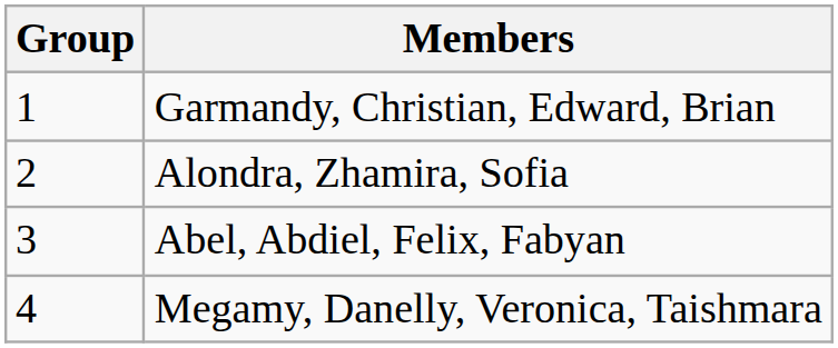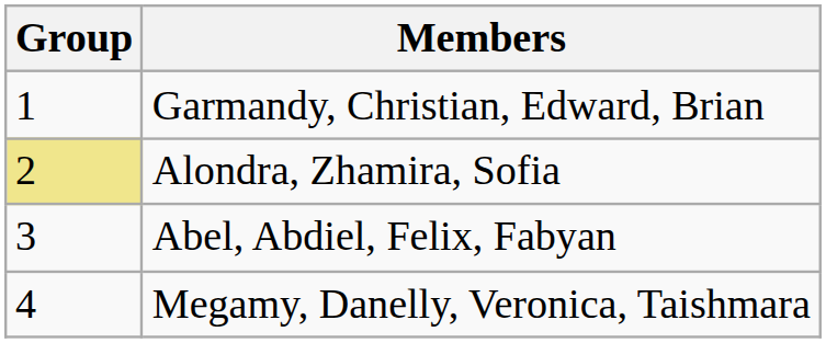 <table class="wikitable">
 <tr>
 <th>Group</th>
 <th>Members</th>
 </tr>
 <tr>
 <td>1</td>
 <td>Garmandy, Christian, Edward, Brian</td>
 </tr>
 <tr>
-<td>2</td>
+<td style="background: khaki;">2</td>
 <td>Alondra, Zhamira, Sofia</td>
 </tr>
 <tr>
 <td>3</td>
 <td>Abel, Abdiel, Felix, Fabyan</td>
 </tr>
 <tr>
 <td>4</td>
 <td>Megamy, Danelly, Veronica, Taishmara</td>
 </tr>
 </table>
